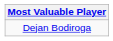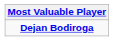 <table class=wikitable style="text-align:center; margin:auto">
 <tr>
 <th><a href='#'>Most Valuable Player</a></th>
 </tr>
 <tr>
-<td> <a href='#'>Dejan Bodiroga</a></td>
+<td><strong> <a href='#'>Dejan Bodiroga</a></strong></td>
 </tr>
 </table>
